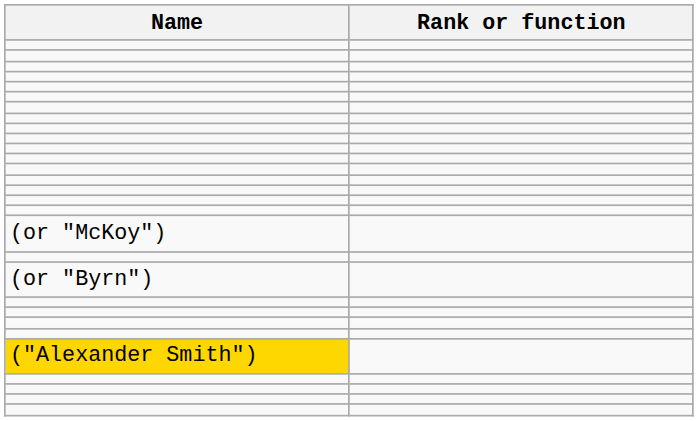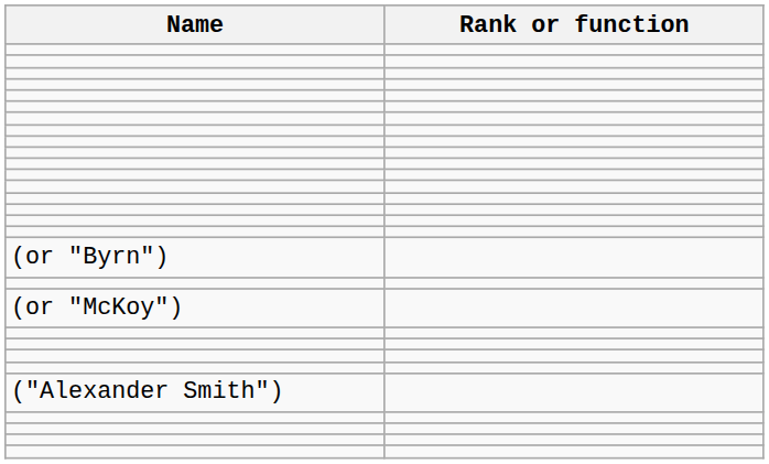 <table class="wikitable sortable">
 <tr>
 <th style="width:200px;" scope="col">Name</th>
 <th style="width:200px;" scope="col">Rank or function</th>
 </tr>
 <tr valign="top">
 <td></td>
 <td></td>
 </tr>
 <tr valign="top">
 <td></td>
 <td></td>
 </tr>
 <tr valign="top">
 <td></td>
 <td></td>
 </tr>
 <tr valign="top">
 <td></td>
 <td></td>
 </tr>
 <tr valign="top">
 <td></td>
 <td></td>
 </tr>
 <tr valign="top">
 <td></td>
 <td></td>
 </tr>
 <tr valign="top">
 <td></td>
 <td></td>
 </tr>
 <tr valign="top">
 <td></td>
 <td></td>
 </tr>
 <tr valign="top">
 <td></td>
 <td></td>
 </tr>
 <tr valign="top">
 <td></td>
 <td></td>
 </tr>
 <tr valign="top">
 <td></td>
 <td></td>
 </tr>
 <tr valign="top">
 <td></td>
 <td></td>
 </tr>
 <tr valign="top">
 <td></td>
 <td></td>
 </tr>
 <tr valign="top">
 <td></td>
 <td></td>
 </tr>
 <tr valign="top">
 <td></td>
 <td></td>
 </tr>
 <tr valign="top">
 <td></td>
 <td></td>
 </tr>
 <tr valign="top">
 <td></td>
 <td></td>
 </tr>
 <tr valign="top">
-<td> (or "McKoy")</td>
+<td> (or "Byrn")</td>
 <td></td>
 </tr>
 <tr valign="top">
 <td></td>
 <td></td>
 </tr>
 <tr valign="top">
-<td> (or "Byrn")</td>
+<td> (or "McKoy")</td>
 <td></td>
 </tr>
 <tr valign="top">
 <td></td>
 <td></td>
 </tr>
 <tr valign="top">
 <td></td>
 <td></td>
 </tr>
 <tr valign="top">
 <td></td>
 <td></td>
 </tr>
 <tr valign="top">
 <td></td>
 <td></td>
 </tr>
 <tr valign="top">
-<td style="background: gold;"> ("Alexander Smith")</td>
+<td> ("Alexander Smith")</td>
 <td></td>
 </tr>
 <tr valign="top">
 <td></td>
 <td></td>
 </tr>
 <tr valign="top">
 <td></td>
 <td></td>
 </tr>
 <tr valign="top">
 <td></td>
 <td></td>
 </tr>
 <tr valign="top">
 <td></td>
 <td></td>
 </tr>
 </table>
